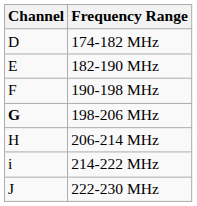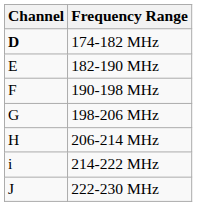 <table class="wikitable sortable static-row-numbers">
 <tr>
 <th>Channel</th>
 <th>Frequency Range</th>
 </tr>
 <tr>
-<td>D</td>
+<td><strong>D</strong></td>
 <td>174-182 MHz</td>
 </tr>
 <tr>
 <td>E</td>
 <td>182-190 MHz</td>
 </tr>
 <tr>
 <td>F</td>
 <td>190-198 MHz</td>
 </tr>
 <tr>
-<td><strong>G</strong></td>
+<td>G</td>
 <td>198-206 MHz</td>
 </tr>
 <tr>
 <td>H</td>
 <td>206-214 MHz</td>
 </tr>
 <tr>
 <td>i</td>
 <td>214-222 MHz</td>
 </tr>
 <tr>
 <td>J</td>
 <td>222-230 MHz</td>
 </tr>
 </table>
